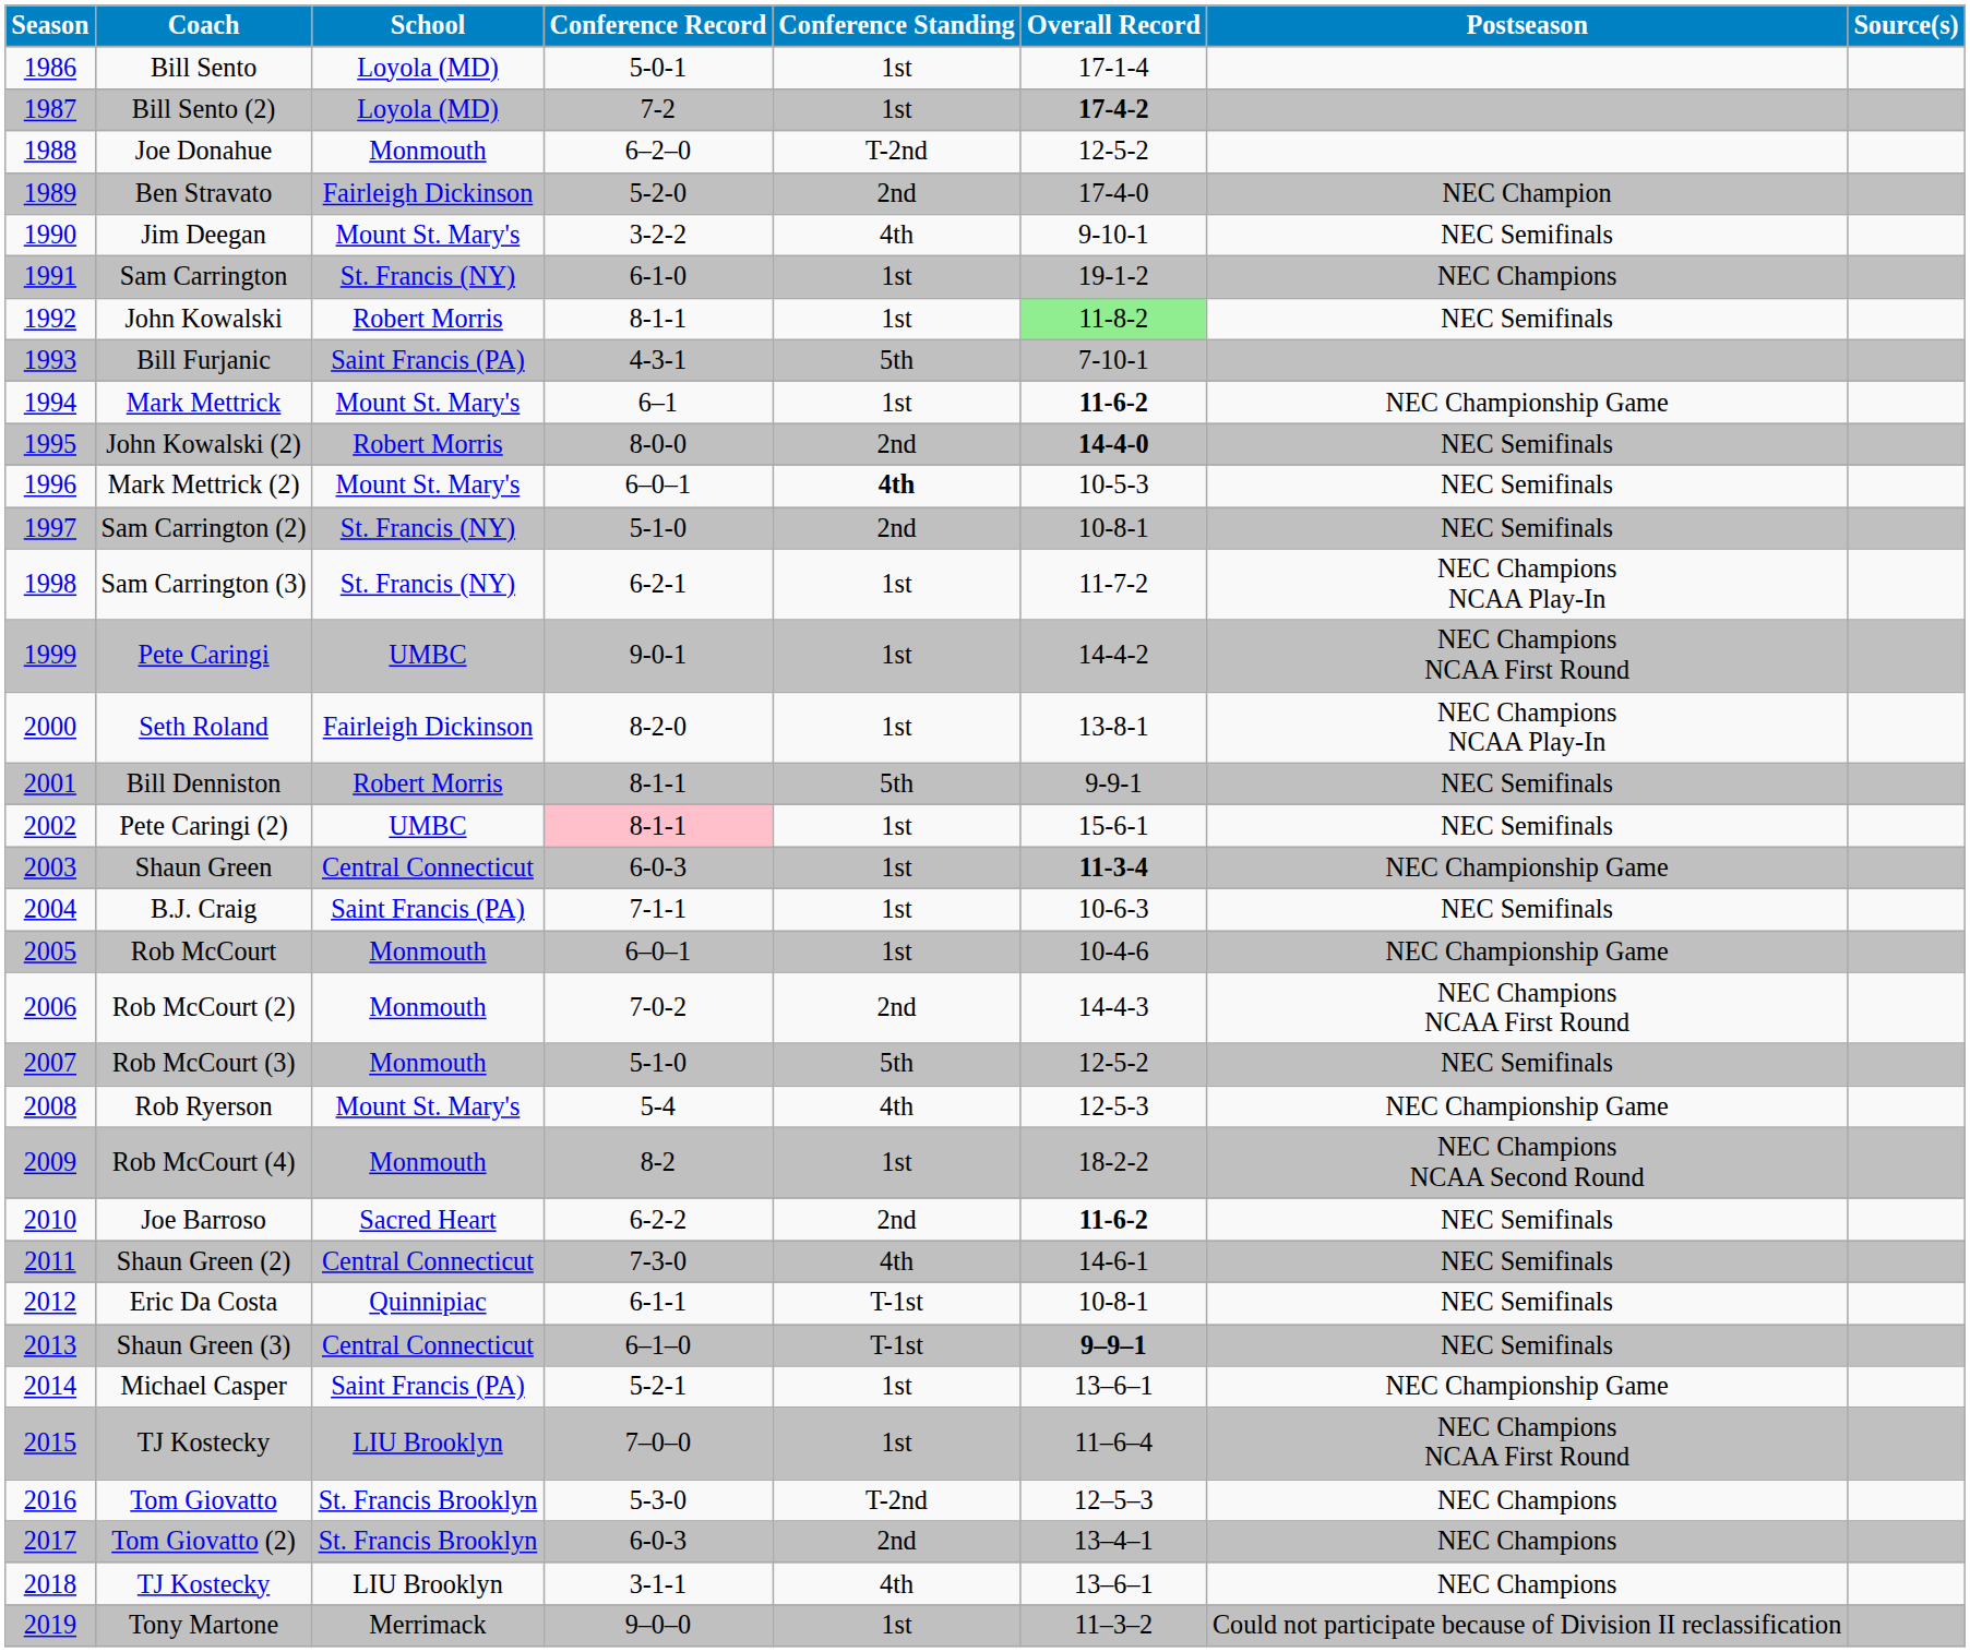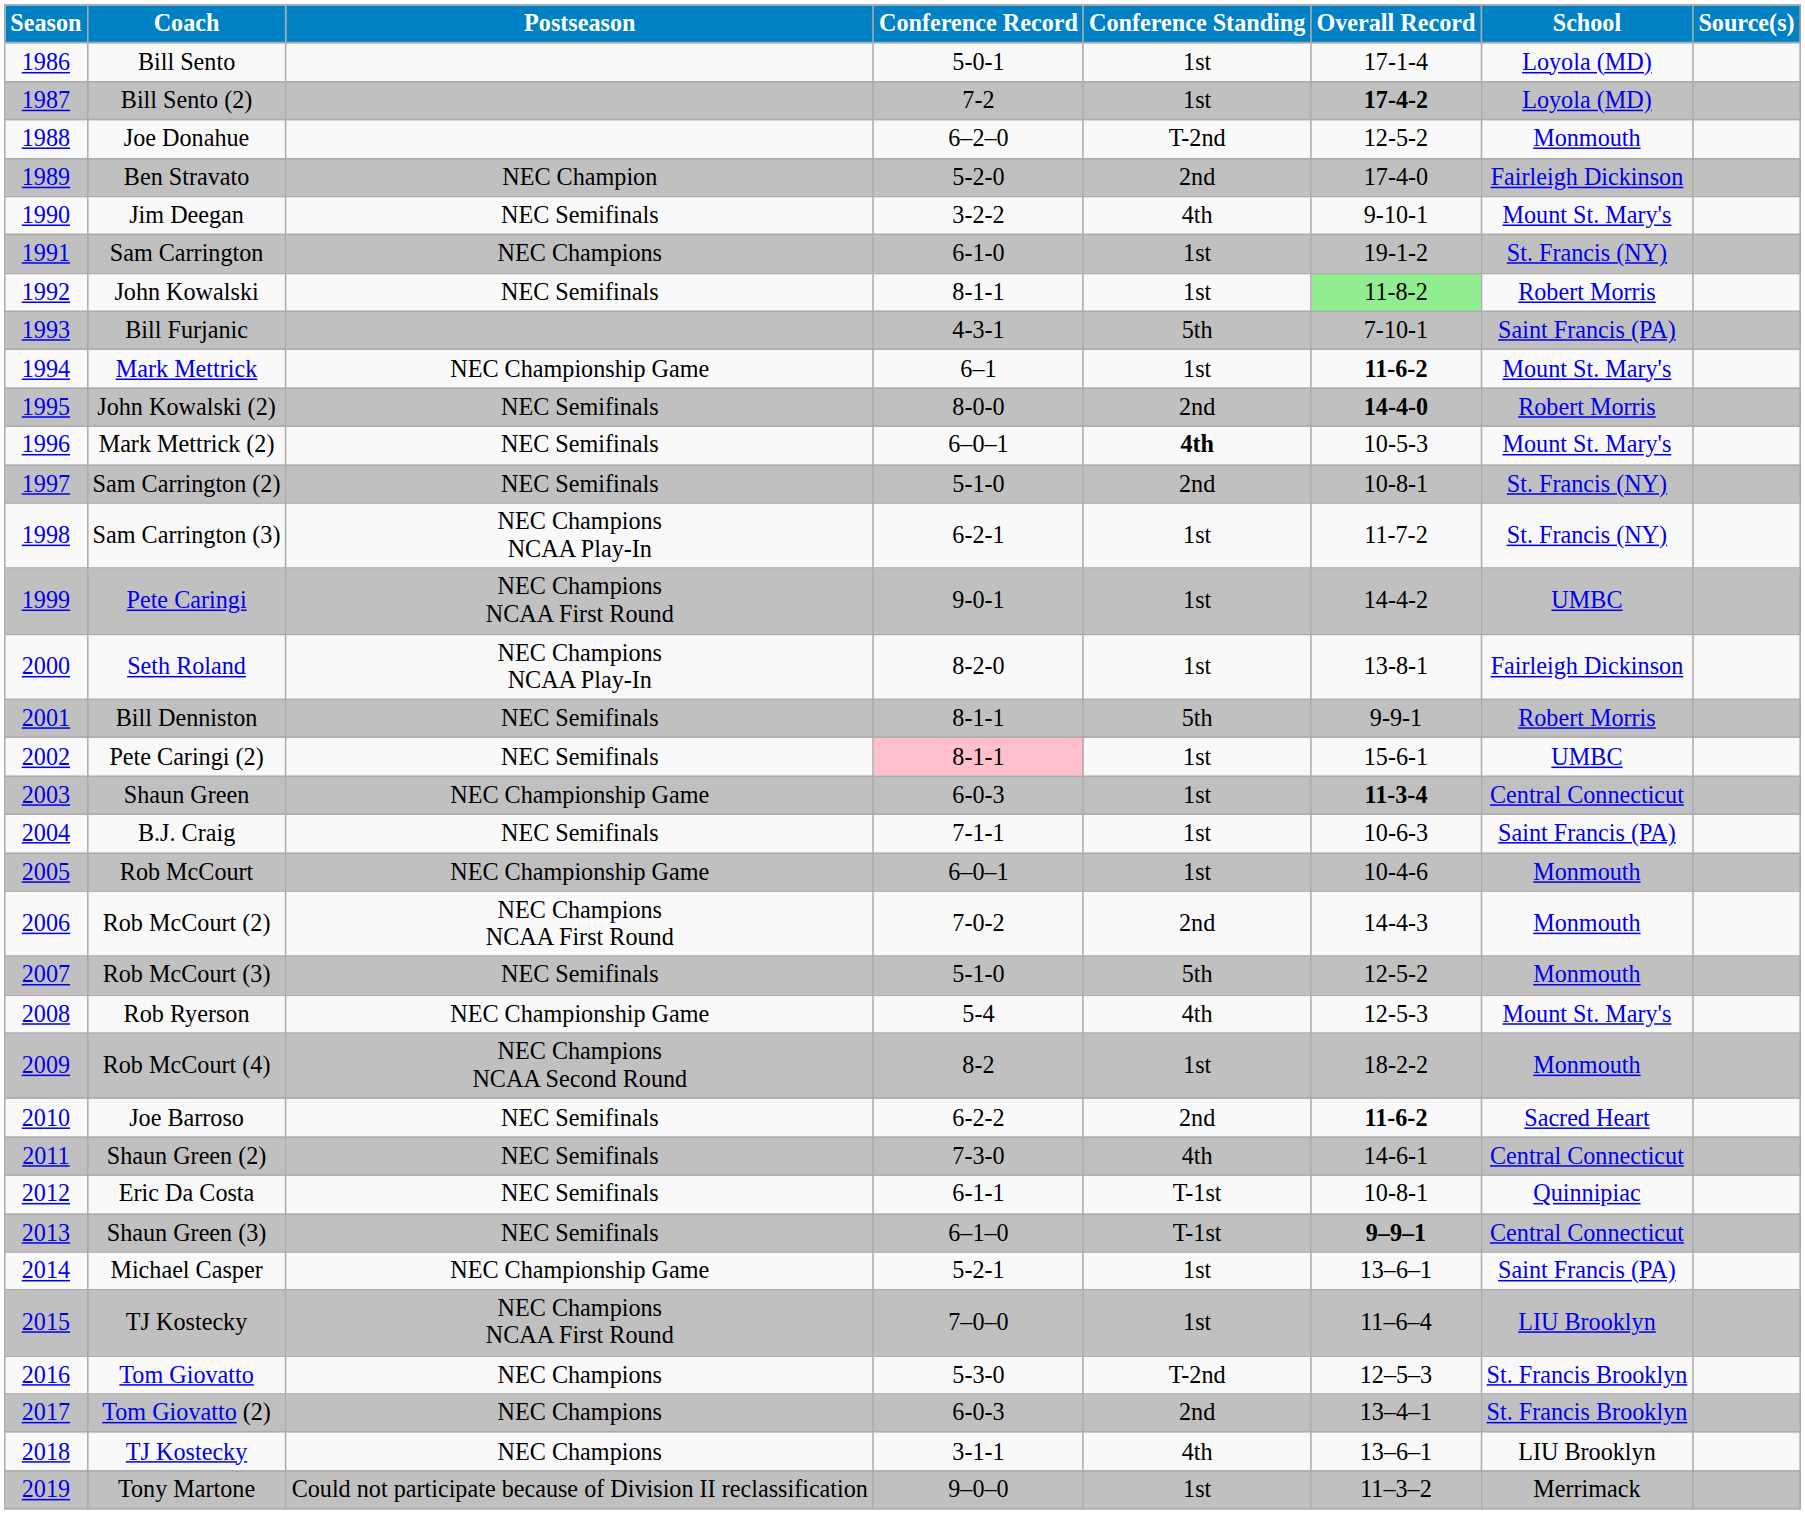 <table class="wikitable" style="text-align:center;">
 <tr>
 <th align="center" style="background:#0081C4; color:#FFFFFF;">Season</th>
 <th align="center" style="background:#0081C4; color:#FFFFFF;">Coach</th>
-<th align="center" style="background:#0081C4; color:#FFFFFF;">School</th>
+<th align="center" style="background:#0081C4; color:#FFFFFF;">Postseason</th>
 <th align="center" style="background:#0081C4; color:#FFFFFF;">Conference Record</th>
 <th align="center" style="background:#0081C4; color:#FFFFFF;">Conference Standing</th>
 <th align="center" style="background:#0081C4; color:#FFFFFF;">Overall Record</th>
-<th align="center" style="background:#0081C4; color:#FFFFFF;">Postseason</th>
+<th align="center" style="background:#0081C4; color:#FFFFFF;">School</th>
 <th align="center" style="background:#0081C4; color:#FFFFFF;">Source(s)</th>
 </tr>
 <tr>
 <td><a href='#'>1986</a></td>
 <td>Bill Sento</td>
-<td><a href='#'>Loyola (MD)</a></td>
+<td></td>
 <td>5-0-1</td>
 <td>1st</td>
 <td>17-1-4</td>
-<td></td>
+<td><a href='#'>Loyola (MD)</a></td>
 <td></td>
 </tr>
 <tr>
 <td style=background:silver><a href='#'>1987</a></td>
 <td style=background:silver>Bill Sento (2)</td>
-<td style=background:silver><a href='#'>Loyola (MD)</a></td>
+<td style=background:silver></td>
 <td style=background:silver>7-2</td>
 <td style=background:silver>1st</td>
 <td style=background:silver><strong>17-4-2</strong></td>
-<td style=background:silver></td>
+<td style=background:silver><a href='#'>Loyola (MD)</a></td>
 <td style=background:silver></td>
 </tr>
 <tr>
 <td><a href='#'>1988</a></td>
 <td>Joe Donahue</td>
-<td><a href='#'>Monmouth</a></td>
+<td></td>
 <td>6–2–0</td>
 <td>T-2nd</td>
 <td>12-5-2</td>
-<td></td>
+<td><a href='#'>Monmouth</a></td>
 <td></td>
 </tr>
 <tr>
 <td style=background:silver><a href='#'>1989</a></td>
 <td style=background:silver>Ben Stravato</td>
-<td style=background:silver><a href='#'>Fairleigh Dickinson</a></td>
+<td style=background:silver>NEC Champion</td>
 <td style=background:silver>5-2-0</td>
 <td style=background:silver>2nd</td>
 <td style=background:silver>17-4-0</td>
-<td style=background:silver>NEC Champion</td>
+<td style=background:silver><a href='#'>Fairleigh Dickinson</a></td>
 <td style=background:silver></td>
 </tr>
 <tr>
 <td><a href='#'>1990</a></td>
 <td>Jim Deegan</td>
-<td><a href='#'>Mount St. Mary's</a></td>
+<td>NEC Semifinals</td>
 <td>3-2-2</td>
 <td>4th</td>
 <td>9-10-1</td>
-<td>NEC Semifinals</td>
+<td><a href='#'>Mount St. Mary's</a></td>
 <td></td>
 </tr>
 <tr>
 <td style=background:silver><a href='#'>1991</a></td>
 <td style=background:silver>Sam Carrington</td>
-<td style=background:silver><a href='#'>St. Francis (NY)</a></td>
+<td style=background:silver>NEC Champions</td>
 <td style=background:silver>6-1-0</td>
 <td style=background:silver>1st</td>
 <td style=background:silver>19-1-2</td>
-<td style=background:silver>NEC Champions</td>
+<td style=background:silver><a href='#'>St. Francis (NY)</a></td>
 <td style=background:silver></td>
 </tr>
 <tr>
 <td><a href='#'>1992</a></td>
 <td>John Kowalski</td>
-<td><a href='#'>Robert Morris</a></td>
+<td>NEC Semifinals</td>
 <td>8-1-1</td>
 <td>1st</td>
 <td style="background: lightgreen;">11-8-2</td>
-<td>NEC Semifinals</td>
+<td><a href='#'>Robert Morris</a></td>
 <td></td>
 </tr>
 <tr>
 <td style=background:silver><a href='#'>1993</a></td>
 <td style=background:silver>Bill Furjanic</td>
-<td style=background:silver><a href='#'>Saint Francis (PA)</a></td>
+<td style=background:silver></td>
 <td style=background:silver>4-3-1</td>
 <td style=background:silver>5th</td>
 <td style=background:silver>7-10-1</td>
-<td style=background:silver></td>
+<td style=background:silver><a href='#'>Saint Francis (PA)</a></td>
 <td style=background:silver></td>
 </tr>
 <tr>
 <td><a href='#'>1994</a></td>
 <td><a href='#'>Mark Mettrick</a></td>
-<td><a href='#'>Mount St. Mary's</a></td>
+<td>NEC Championship Game</td>
 <td>6–1</td>
 <td>1st</td>
 <td><strong>11-6-2</strong></td>
-<td>NEC Championship Game</td>
+<td><a href='#'>Mount St. Mary's</a></td>
 <td></td>
 </tr>
 <tr>
 <td style=background:silver><a href='#'>1995</a></td>
 <td style=background:silver>John Kowalski (2)</td>
-<td style=background:silver><a href='#'>Robert Morris</a></td>
+<td style=background:silver>NEC Semifinals</td>
 <td style=background:silver>8-0-0</td>
 <td style=background:silver>2nd</td>
 <td style=background:silver><strong>14-4-0</strong></td>
-<td style=background:silver>NEC Semifinals</td>
+<td style=background:silver><a href='#'>Robert Morris</a></td>
 <td style=background:silver></td>
 </tr>
 <tr>
 <td><a href='#'>1996</a></td>
 <td>Mark Mettrick (2)</td>
-<td><a href='#'>Mount St. Mary's</a></td>
+<td>NEC Semifinals</td>
 <td>6–0–1</td>
 <td><strong>4th</strong></td>
 <td>10-5-3</td>
-<td>NEC Semifinals</td>
+<td><a href='#'>Mount St. Mary's</a></td>
 <td></td>
 </tr>
 <tr>
 <td style=background:silver><a href='#'>1997</a></td>
 <td style=background:silver>Sam Carrington (2)</td>
-<td style=background:silver><a href='#'>St. Francis (NY)</a></td>
+<td style=background:silver>NEC Semifinals</td>
 <td style=background:silver>5-1-0</td>
 <td style=background:silver>2nd</td>
 <td style=background:silver>10-8-1</td>
-<td style=background:silver>NEC Semifinals</td>
+<td style=background:silver><a href='#'>St. Francis (NY)</a></td>
 <td style=background:silver></td>
 </tr>
 <tr>
 <td><a href='#'>1998</a></td>
 <td>Sam Carrington (3)</td>
-<td><a href='#'>St. Francis (NY)</a></td>
+<td>NEC Champions<br>NCAA Play-In</td>
 <td>6-2-1</td>
 <td>1st</td>
 <td>11-7-2</td>
-<td>NEC Champions<br>NCAA Play-In</td>
+<td><a href='#'>St. Francis (NY)</a></td>
 <td></td>
 </tr>
 <tr>
 <td style=background:silver><a href='#'>1999</a></td>
 <td style=background:silver><a href='#'>Pete Caringi</a></td>
-<td style=background:silver><a href='#'>UMBC</a></td>
+<td style=background:silver>NEC Champions<br>NCAA First Round</td>
 <td style=background:silver>9-0-1</td>
 <td style=background:silver>1st</td>
 <td style=background:silver>14-4-2</td>
-<td style=background:silver>NEC Champions<br>NCAA First Round</td>
+<td style=background:silver><a href='#'>UMBC</a></td>
 <td style=background:silver></td>
 </tr>
 <tr>
 <td><a href='#'>2000</a></td>
 <td><a href='#'>Seth Roland</a></td>
-<td><a href='#'>Fairleigh Dickinson</a></td>
+<td>NEC Champions<br>NCAA Play-In</td>
 <td>8-2-0</td>
 <td>1st</td>
 <td>13-8-1</td>
-<td>NEC Champions<br>NCAA Play-In</td>
+<td><a href='#'>Fairleigh Dickinson</a></td>
 <td></td>
 </tr>
 <tr>
 <td style=background:silver><a href='#'>2001</a></td>
 <td style=background:silver>Bill Denniston</td>
-<td style=background:silver><a href='#'>Robert Morris</a></td>
+<td style=background:silver>NEC Semifinals</td>
 <td style=background:silver>8-1-1</td>
 <td style=background:silver>5th</td>
 <td style=background:silver>9-9-1</td>
-<td style=background:silver>NEC Semifinals</td>
+<td style=background:silver><a href='#'>Robert Morris</a></td>
 <td style=background:silver></td>
 </tr>
 <tr>
 <td><a href='#'>2002</a></td>
 <td>Pete Caringi (2)</td>
-<td><a href='#'>UMBC</a></td>
+<td>NEC Semifinals</td>
 <td style="background: pink;">8-1-1</td>
 <td>1st</td>
 <td>15-6-1</td>
-<td>NEC Semifinals</td>
+<td><a href='#'>UMBC</a></td>
 <td></td>
 </tr>
 <tr>
 <td style=background:silver><a href='#'>2003</a></td>
 <td style=background:silver>Shaun Green</td>
-<td style=background:silver><a href='#'>Central Connecticut</a></td>
+<td style=background:silver>NEC Championship Game</td>
 <td style=background:silver>6-0-3</td>
 <td style=background:silver>1st</td>
 <td style=background:silver><strong>11-3-4</strong></td>
-<td style=background:silver>NEC Championship Game</td>
+<td style=background:silver><a href='#'>Central Connecticut</a></td>
 <td style=background:silver></td>
 </tr>
 <tr>
 <td><a href='#'>2004</a></td>
 <td>B.J. Craig</td>
-<td><a href='#'>Saint Francis (PA)</a></td>
+<td>NEC Semifinals</td>
 <td>7-1-1</td>
 <td>1st</td>
 <td>10-6-3</td>
-<td>NEC Semifinals</td>
+<td><a href='#'>Saint Francis (PA)</a></td>
 <td></td>
 </tr>
 <tr>
 <td style=background:silver><a href='#'>2005</a></td>
 <td style=background:silver>Rob McCourt</td>
-<td style=background:silver><a href='#'>Monmouth</a></td>
+<td style=background:silver>NEC Championship Game</td>
 <td style=background:silver>6–0–1</td>
 <td style=background:silver>1st</td>
 <td style=background:silver>10-4-6</td>
-<td style=background:silver>NEC Championship Game</td>
+<td style=background:silver><a href='#'>Monmouth</a></td>
 <td style=background:silver></td>
 </tr>
 <tr>
 <td><a href='#'>2006</a></td>
 <td>Rob McCourt (2)</td>
-<td><a href='#'>Monmouth</a></td>
+<td>NEC Champions<br>NCAA First Round</td>
 <td>7-0-2</td>
 <td>2nd</td>
 <td>14-4-3</td>
-<td>NEC Champions<br>NCAA First Round</td>
+<td><a href='#'>Monmouth</a></td>
 <td></td>
 </tr>
 <tr>
 <td style=background:silver><a href='#'>2007</a></td>
 <td style=background:silver>Rob McCourt (3)</td>
-<td style=background:silver><a href='#'>Monmouth</a></td>
+<td style=background:silver>NEC Semifinals</td>
 <td style=background:silver>5-1-0</td>
 <td style=background:silver>5th</td>
 <td style=background:silver>12-5-2</td>
-<td style=background:silver>NEC Semifinals</td>
+<td style=background:silver><a href='#'>Monmouth</a></td>
 <td style=background:silver></td>
 </tr>
 <tr>
 <td><a href='#'>2008</a></td>
 <td>Rob Ryerson</td>
-<td><a href='#'>Mount St. Mary's</a></td>
+<td>NEC Championship Game</td>
 <td>5-4</td>
 <td>4th</td>
 <td>12-5-3</td>
-<td>NEC Championship Game</td>
+<td><a href='#'>Mount St. Mary's</a></td>
 <td></td>
 </tr>
 <tr>
 <td style=background:silver><a href='#'>2009</a></td>
 <td style=background:silver>Rob McCourt (4)</td>
-<td style=background:silver><a href='#'>Monmouth</a></td>
+<td style=background:silver>NEC Champions<br>NCAA Second Round</td>
 <td style=background:silver>8-2</td>
 <td style=background:silver>1st</td>
 <td style=background:silver>18-2-2</td>
-<td style=background:silver>NEC Champions<br>NCAA Second Round</td>
+<td style=background:silver><a href='#'>Monmouth</a></td>
 <td style=background:silver></td>
 </tr>
 <tr>
 <td><a href='#'>2010</a></td>
 <td>Joe Barroso</td>
-<td><a href='#'>Sacred Heart</a></td>
+<td>NEC Semifinals</td>
 <td>6-2-2</td>
 <td>2nd</td>
 <td><strong>11-6-2</strong></td>
-<td>NEC Semifinals</td>
+<td><a href='#'>Sacred Heart</a></td>
 <td></td>
 </tr>
 <tr>
 <td style=background:silver><a href='#'>2011</a></td>
 <td style=background:silver>Shaun Green (2)</td>
-<td style=background:silver><a href='#'>Central Connecticut</a></td>
+<td style=background:silver>NEC Semifinals</td>
 <td style=background:silver>7-3-0</td>
 <td style=background:silver>4th</td>
 <td style=background:silver>14-6-1</td>
-<td style=background:silver>NEC Semifinals</td>
+<td style=background:silver><a href='#'>Central Connecticut</a></td>
 <td style=background:silver></td>
 </tr>
 <tr>
 <td><a href='#'>2012</a></td>
 <td>Eric Da Costa</td>
-<td><a href='#'>Quinnipiac</a></td>
+<td>NEC Semifinals</td>
 <td>6-1-1</td>
 <td>T-1st</td>
 <td>10-8-1</td>
-<td>NEC Semifinals</td>
+<td><a href='#'>Quinnipiac</a></td>
 <td></td>
 </tr>
 <tr>
 <td style=background:silver><a href='#'>2013</a></td>
 <td style=background:silver>Shaun Green (3)</td>
-<td style=background:silver><a href='#'>Central Connecticut</a></td>
+<td style=background:silver>NEC Semifinals</td>
 <td style=background:silver>6–1–0</td>
 <td style=background:silver>T-1st</td>
 <td style=background:silver><strong>9–9–1</strong></td>
-<td style=background:silver>NEC Semifinals</td>
+<td style=background:silver><a href='#'>Central Connecticut</a></td>
 <td style=background:silver></td>
 </tr>
 <tr>
 <td><a href='#'>2014</a></td>
 <td>Michael Casper</td>
-<td><a href='#'>Saint Francis (PA)</a></td>
+<td>NEC Championship Game</td>
 <td>5-2-1</td>
 <td>1st</td>
 <td>13–6–1</td>
-<td>NEC Championship Game</td>
+<td><a href='#'>Saint Francis (PA)</a></td>
 <td></td>
 </tr>
 <tr>
 <td style=background:silver><a href='#'>2015</a></td>
 <td style=background:silver>TJ Kostecky</td>
-<td style=background:silver><a href='#'>LIU Brooklyn</a></td>
+<td style=background:silver>NEC Champions<br>NCAA First Round</td>
 <td style=background:silver>7–0–0</td>
 <td style=background:silver>1st</td>
 <td style=background:silver>11–6–4</td>
-<td style=background:silver>NEC Champions<br>NCAA First Round</td>
+<td style=background:silver><a href='#'>LIU Brooklyn</a></td>
 <td style=background:silver></td>
 </tr>
 <tr>
 <td><a href='#'>2016</a></td>
 <td><a href='#'>Tom Giovatto</a></td>
-<td><a href='#'>St. Francis Brooklyn</a></td>
+<td>NEC Champions</td>
 <td>5-3-0</td>
 <td>T-2nd</td>
 <td>12–5–3</td>
-<td>NEC Champions</td>
+<td><a href='#'>St. Francis Brooklyn</a></td>
 <td></td>
 </tr>
 <tr>
 <td style=background:silver><a href='#'>2017</a></td>
 <td style=background:silver><a href='#'>Tom Giovatto</a> (2)</td>
-<td style=background:silver><a href='#'>St. Francis Brooklyn</a></td>
+<td style=background:silver>NEC Champions</td>
 <td style=background:silver>6-0-3</td>
 <td style=background:silver>2nd</td>
 <td style=background:silver>13–4–1</td>
-<td style=background:silver>NEC Champions</td>
+<td style=background:silver><a href='#'>St. Francis Brooklyn</a></td>
 <td style=background:silver></td>
 </tr>
 <tr>
 <td><a href='#'>2018</a></td>
 <td><a href='#'>TJ Kostecky</a></td>
-<td>LIU Brooklyn</td>
+<td>NEC Champions</td>
 <td>3-1-1</td>
 <td>4th</td>
 <td>13–6–1</td>
-<td>NEC Champions</td>
+<td>LIU Brooklyn</td>
 <td></td>
 </tr>
 <tr>
 <td style=background:silver><a href='#'>2019</a></td>
 <td style=background:silver>Tony Martone</td>
-<td style=background:silver>Merrimack</td>
+<td style=background:silver>Could not participate because of Division II reclassification</td>
 <td style=background:silver>9–0–0</td>
 <td style=background:silver>1st</td>
 <td style=background:silver>11–3–2</td>
-<td style=background:silver>Could not participate because of Division II reclassification</td>
+<td style=background:silver>Merrimack</td>
 <td style=background:silver></td>
 </tr>
 </table>
